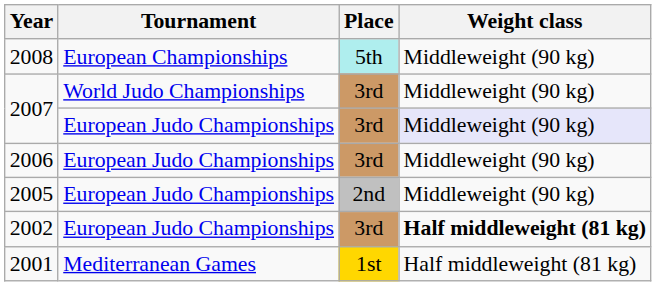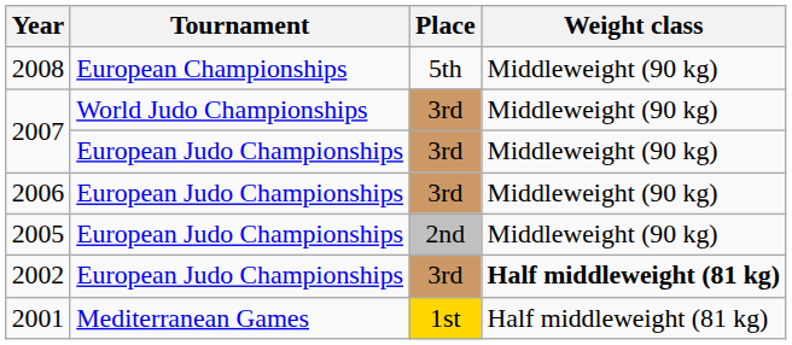 <table class=wikitable>
 <tr>
 <th>Year</th>
 <th>Tournament</th>
 <th>Place</th>
 <th>Weight class</th>
 </tr>
 <tr>
 <td>2008</td>
 <td><a href='#'>European Championships</a></td>
-<td align="center" style="background: paleturquoise;">5th</td>
+<td align="center">5th</td>
 <td>Middleweight (90 kg)</td>
 </tr>
 <tr>
 <td rowspan=2>2007</td>
 <td><a href='#'>World Judo Championships</a></td>
 <td bgcolor="cc9966" align="center">3rd</td>
 <td>Middleweight (90 kg)</td>
 </tr>
 <tr>
 <td><a href='#'>European Judo Championships</a></td>
 <td bgcolor="cc9966" align="center">3rd</td>
-<td style="background: lavender;">Middleweight (90 kg)</td>
+<td>Middleweight (90 kg)</td>
 </tr>
 <tr>
 <td>2006</td>
 <td><a href='#'>European Judo Championships</a></td>
 <td bgcolor="cc9966" align="center">3rd</td>
 <td>Middleweight (90 kg)</td>
 </tr>
 <tr>
 <td>2005</td>
 <td><a href='#'>European Judo Championships</a></td>
 <td bgcolor="silver" align="center">2nd</td>
 <td>Middleweight (90 kg)</td>
 </tr>
 <tr>
 <td>2002</td>
 <td><a href='#'>European Judo Championships</a></td>
 <td bgcolor="cc9966" align="center">3rd</td>
 <td><strong>Half middleweight (81 kg)</strong></td>
 </tr>
 <tr>
 <td>2001</td>
 <td><a href='#'>Mediterranean Games</a></td>
 <td bgcolor="gold" align="center">1st</td>
 <td>Half middleweight (81 kg)</td>
 </tr>
 </table>
